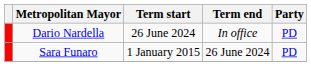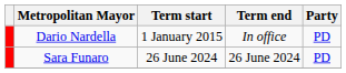 <table class="wikitable" style="text-align:center;">
 <tr>
 <th class=unsortable> </th>
 <th>Metropolitan Mayor</th>
 <th>Term start</th>
 <th>Term end</th>
 <th>Party</th>
 </tr>
 <tr>
 <th style="background:#FF0000;"></th>
 <td><a href='#'>Dario Nardella</a></td>
-<td>26 June 2024</td>
+<td>1 January 2015</td>
 <td><em>In office</em></td>
 <td><a href='#'>PD</a></td>
 </tr>
 <tr>
 <th style="background:#FF0000;"></th>
 <td><a href='#'>Sara Funaro</a></td>
-<td>1 January 2015</td>
+<td>26 June 2024</td>
 <td>26 June 2024</td>
 <td><a href='#'>PD</a></td>
 </tr>
 <tr>
 </tr>
 </table>
